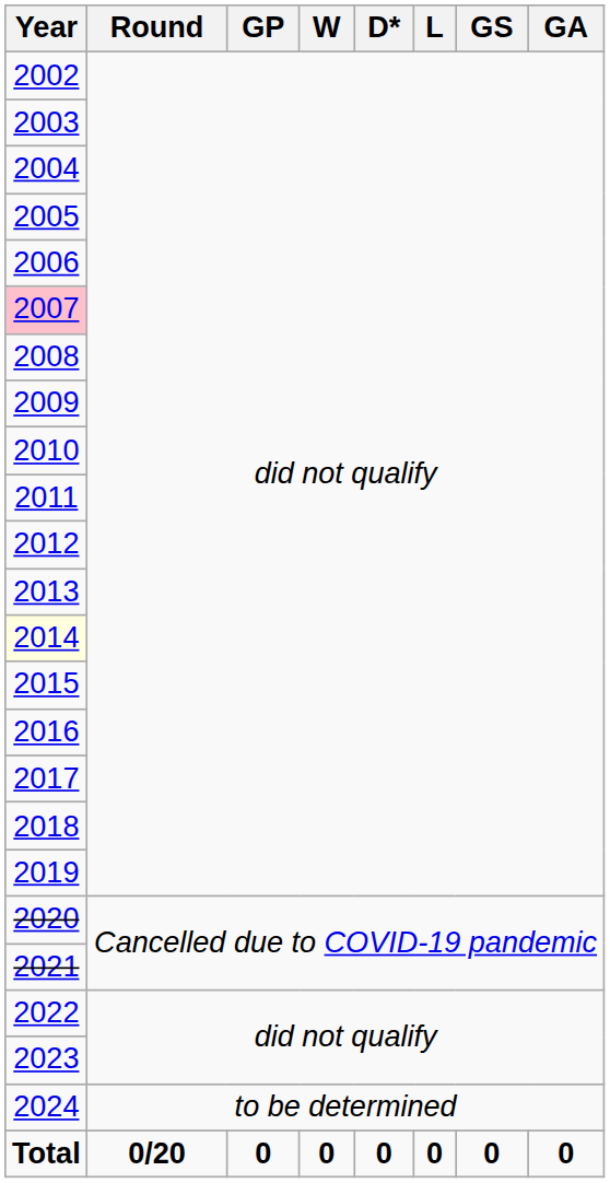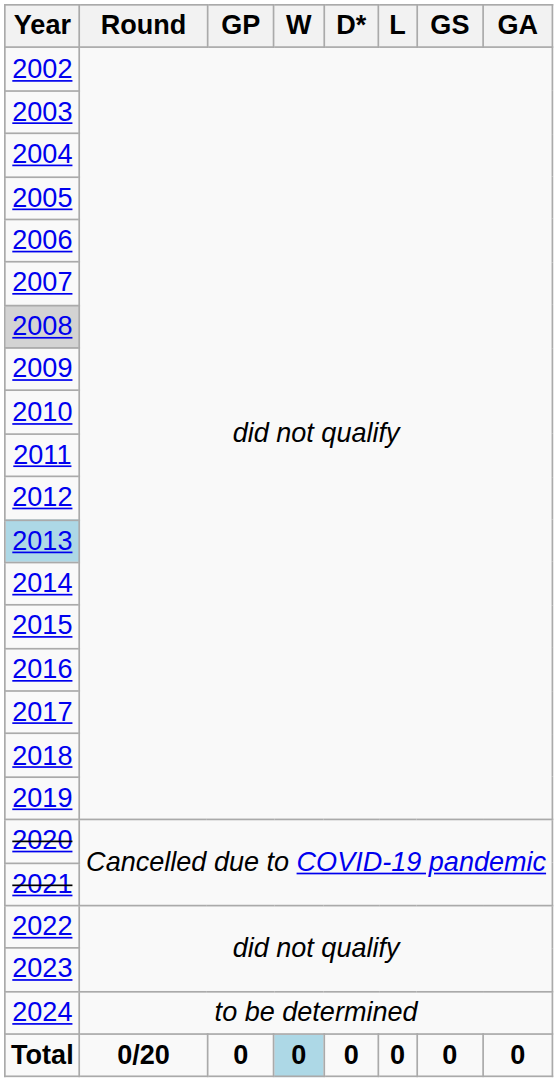 <table class="wikitable" style="text-align: center;">
 <tr>
 <th>Year</th>
 <th>Round</th>
 <th>GP</th>
 <th>W</th>
 <th>D*</th>
 <th>L</th>
 <th>GS</th>
 <th>GA</th>
 </tr>
 <tr>
 <td> <a href='#'>2002</a></td>
 <td rowspan=18 colspan=8><em>did not qualify</em></td>
 </tr>
 <tr>
 <td> <a href='#'>2003</a></td>
 </tr>
 <tr>
 <td> <a href='#'>2004</a></td>
 </tr>
 <tr>
 <td> <a href='#'>2005</a></td>
 </tr>
 <tr>
 <td> <a href='#'>2006</a></td>
 </tr>
 <tr>
-<td style="background: pink;"> <a href='#'>2007</a></td>
+<td> <a href='#'>2007</a></td>
 </tr>
 <tr>
-<td> <a href='#'>2008</a></td>
+<td style="background: lightgrey;"> <a href='#'>2008</a></td>
 </tr>
 <tr>
 <td> <a href='#'>2009</a></td>
 </tr>
 <tr>
 <td> <a href='#'>2010</a></td>
 </tr>
 <tr>
 <td> <a href='#'>2011</a></td>
 </tr>
 <tr>
 <td> <a href='#'>2012</a></td>
 </tr>
 <tr>
-<td> <a href='#'>2013</a></td>
+<td style="background: lightblue;"> <a href='#'>2013</a></td>
 </tr>
 <tr>
-<td style="background: lightyellow;"> <a href='#'>2014</a></td>
+<td> <a href='#'>2014</a></td>
 </tr>
 <tr>
 <td> <a href='#'>2015</a></td>
 </tr>
 <tr>
 <td> <a href='#'>2016</a></td>
 </tr>
 <tr>
 <td> <a href='#'>2017</a></td>
 </tr>
 <tr>
 <td> <a href='#'>2018</a></td>
 </tr>
 <tr>
 <td> <a href='#'>2019</a></td>
 </tr>
 <tr>
 <td> <s><a href='#'>2020</a></s></td>
 <td rowspan=2 colspan=8><em>Cancelled due to <a href='#'>COVID-19 pandemic</a></em></td>
 </tr>
 <tr>
 <td> <s><a href='#'>2021</a></s></td>
 </tr>
 <tr>
 <td> <a href='#'>2022</a></td>
 <td rowspan=2 colspan=8><em>did not qualify</em></td>
 </tr>
 <tr>
 <td> <a href='#'>2023</a></td>
 </tr>
 <tr>
 <td> <a href='#'>2024</a></td>
 <td colspan=8><em>to be determined</em></td>
 </tr>
 <tr>
 <td><strong>Total</strong></td>
 <td><strong>0/20</strong></td>
 <td><strong>0</strong></td>
-<td><strong>0</strong></td>
+<td style="background: lightblue;"><strong>0</strong></td>
 <td><strong>0</strong></td>
 <td><strong>0</strong></td>
 <td><strong>0</strong></td>
 <td><strong>0</strong></td>
 </tr>
 </table>
